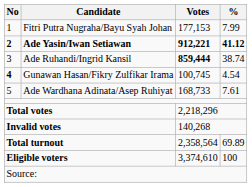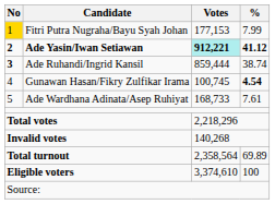 <table class="wikitable">
 <tr>
 <th>No</th>
 <th>Candidate</th>
 <th>Votes</th>
 <th>%</th>
 </tr>
 <tr>
-<td>1</td>
+<td style="background: gold;">1</td>
 <td>Fitri Putra Nugraha/Bayu Syah Johan</td>
 <td>177,153</td>
 <td>7.99</td>
 </tr>
 <tr>
 <td><strong>2</strong></td>
 <td><strong>Ade Yasin/Iwan Setiawan</strong></td>
-<td><strong>912,221</strong></td>
+<td style="background: paleturquoise;"><strong>912,221</strong></td>
 <td><strong>41.12</strong></td>
 </tr>
 <tr>
-<td>3</td>
+<td><strong>3</strong></td>
 <td>Ade Ruhandi/Ingrid Kansil</td>
-<td><strong>859,444</strong></td>
+<td>859,444</td>
 <td>38.74</td>
 </tr>
 <tr>
-<td><strong>4</strong></td>
+<td>4</td>
 <td>Gunawan Hasan/Fikry Zulfikar Irama</td>
 <td>100,745</td>
-<td>4.54</td>
+<td><strong>4.54</strong></td>
 </tr>
 <tr>
 <td>5</td>
 <td>Ade Wardhana Adinata/Asep Ruhiyat</td>
 <td>168,733</td>
 <td>7.61</td>
 </tr>
 <tr>
 <td colspan=4></td>
 </tr>
 <tr>
 <td colspan=2><strong>Total votes</strong></td>
 <td colspan=2>2,218,296</td>
 </tr>
 <tr>
 <td colspan=2><strong>Invalid votes</strong></td>
 <td colspan=2>140,268</td>
 </tr>
 <tr>
 <td colspan=2><strong>Total turnout</strong></td>
 <td>2,358,564</td>
 <td>69.89</td>
 </tr>
 <tr>
 <td colspan=2><strong>Eligible voters</strong></td>
 <td>3,374,610</td>
 <td>100</td>
 </tr>
 <tr>
 <td colspan=4>Source:</td>
 </tr>
 </table>
